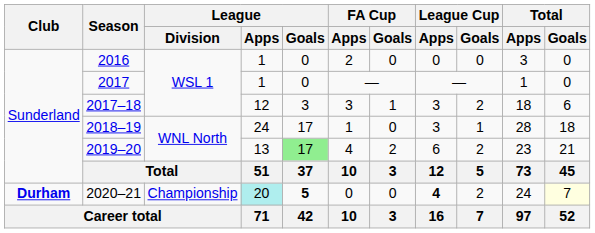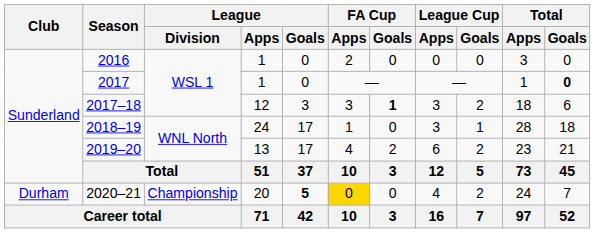 <table class="wikitable" style="text-align:center">
 <tr>
 <th rowspan="2">Club</th>
 <th rowspan="2">Season</th>
 <th colspan="3">League</th>
 <th colspan="2">FA Cup</th>
 <th colspan="2">League Cup</th>
 <th colspan="2">Total</th>
 </tr>
 <tr>
 <th>Division</th>
 <th>Apps</th>
 <th>Goals</th>
 <th>Apps</th>
 <th>Goals</th>
 <th>Apps</th>
 <th>Goals</th>
 <th>Apps</th>
 <th>Goals</th>
 </tr>
 <tr>
 <td rowspan="6"><a href='#'>Sunderland</a></td>
 <td><a href='#'>2016</a></td>
 <td rowspan="3"><a href='#'>WSL 1</a></td>
 <td>1</td>
 <td>0</td>
 <td>2</td>
 <td>0</td>
 <td>0</td>
 <td>0</td>
 <td>3</td>
 <td>0</td>
 </tr>
 <tr>
 <td><a href='#'>2017</a></td>
 <td>1</td>
 <td>0</td>
 <td colspan="2">—</td>
 <td colspan="2">—</td>
 <td>1</td>
-<td>0</td>
+<td><strong>0</strong></td>
 </tr>
 <tr>
 <td><a href='#'>2017–18</a></td>
 <td>12</td>
 <td>3</td>
 <td>3</td>
-<td>1</td>
+<td><strong>1</strong></td>
 <td>3</td>
 <td>2</td>
 <td>18</td>
 <td>6</td>
 </tr>
 <tr>
 <td><a href='#'>2018–19</a></td>
 <td rowspan="2"><a href='#'>WNL North</a></td>
 <td>24</td>
 <td>17</td>
 <td>1</td>
 <td>0</td>
 <td>3</td>
 <td>1</td>
 <td>28</td>
 <td>18</td>
 </tr>
 <tr>
 <td><a href='#'>2019–20</a></td>
 <td>13</td>
-<td style="background: lightgreen;">17</td>
+<td>17</td>
 <td>4</td>
 <td>2</td>
 <td>6</td>
 <td>2</td>
 <td>23</td>
 <td>21</td>
 </tr>
 <tr>
 <th colspan="2">Total</th>
 <th>51</th>
 <th>37</th>
 <th>10</th>
 <th>3</th>
 <th>12</th>
 <th>5</th>
 <th>73</th>
 <th>45</th>
 </tr>
 <tr>
-<td><strong><a href='#'>Durham</a></strong></td>
+<td><a href='#'>Durham</a></td>
 <td>2020–21</td>
 <td><a href='#'>Championship</a></td>
-<td style="background: paleturquoise;">20</td>
+<td>20</td>
 <td><strong>5</strong></td>
+<td style="background: gold;">0</td>
 <td>0</td>
-<td>0</td>
-<td><strong>4</strong></td>
+<td>4</td>
 <td>2</td>
 <td>24</td>
-<td style="background: lightyellow;">7</td>
+<td>7</td>
 </tr>
 <tr>
 <th colspan="3">Career total</th>
 <th>71</th>
 <th>42</th>
 <th>10</th>
 <th>3</th>
 <th>16</th>
 <th>7</th>
 <th>97</th>
 <th>52</th>
 </tr>
 </table>
